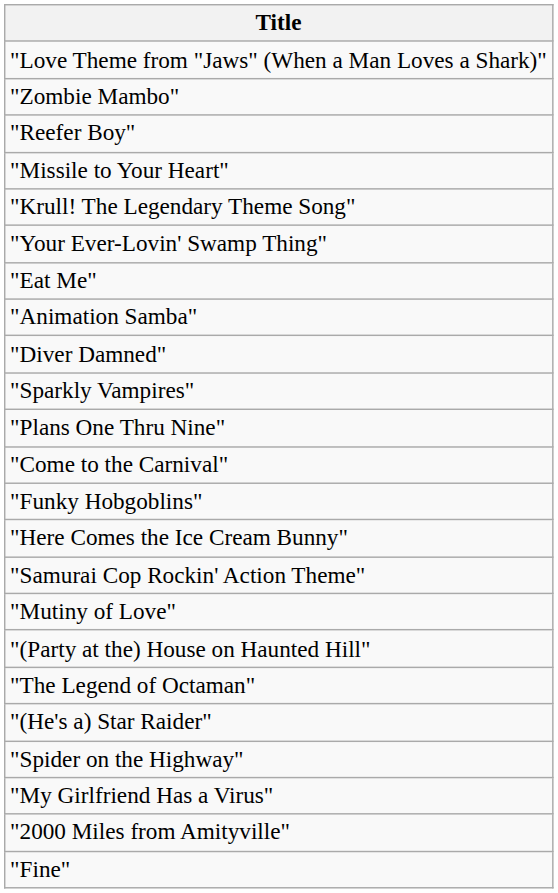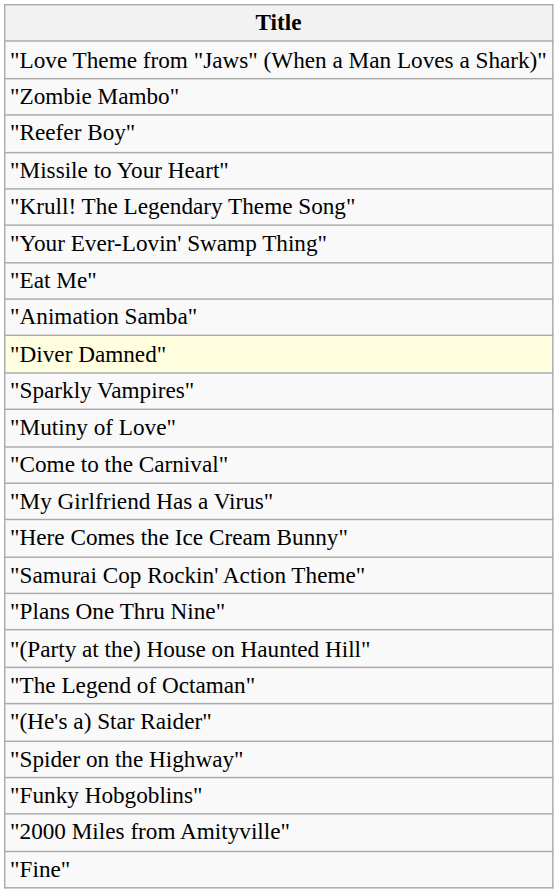 <table class="wikitable sortable">
 <tr>
 <th>Title</th>
 </tr>
 <tr>
 <td>"Love Theme from "Jaws" (When a Man Loves a Shark)"</td>
 </tr>
 <tr>
 <td>"Zombie Mambo"</td>
 </tr>
 <tr>
 <td>"Reefer Boy"</td>
 </tr>
 <tr>
 <td>"Missile to Your Heart"</td>
 </tr>
 <tr>
 <td>"Krull! The Legendary Theme Song"</td>
 </tr>
 <tr>
 <td>"Your Ever-Lovin' Swamp Thing"</td>
 </tr>
 <tr>
 <td>"Eat Me"</td>
 </tr>
 <tr>
 <td>"Animation Samba"</td>
 </tr>
 <tr>
-<td>"Diver Damned"</td>
+<td style="background: lightyellow;">"Diver Damned"</td>
 </tr>
 <tr>
 <td>"Sparkly Vampires"</td>
 </tr>
 <tr>
-<td>"Plans One Thru Nine"</td>
+<td>"Mutiny of Love"</td>
 </tr>
 <tr>
 <td>"Come to the Carnival"</td>
 </tr>
 <tr>
-<td>"Funky Hobgoblins"</td>
+<td>"My Girlfriend Has a Virus"</td>
 </tr>
 <tr>
 <td>"Here Comes the Ice Cream Bunny"</td>
 </tr>
 <tr>
 <td>"Samurai Cop Rockin' Action Theme"</td>
 </tr>
 <tr>
-<td>"Mutiny of Love"</td>
+<td>"Plans One Thru Nine"</td>
 </tr>
 <tr>
 <td>"(Party at the) House on Haunted Hill"</td>
 </tr>
 <tr>
 <td>"The Legend of Octaman"</td>
 </tr>
 <tr>
 <td>"(He's a) Star Raider"</td>
 </tr>
 <tr>
 <td>"Spider on the Highway"</td>
 </tr>
 <tr>
-<td>"My Girlfriend Has a Virus"</td>
+<td>"Funky Hobgoblins"</td>
 </tr>
 <tr>
 <td>"2000 Miles from Amityville"</td>
 </tr>
 <tr>
 <td>"Fine"</td>
 </tr>
 </table>
